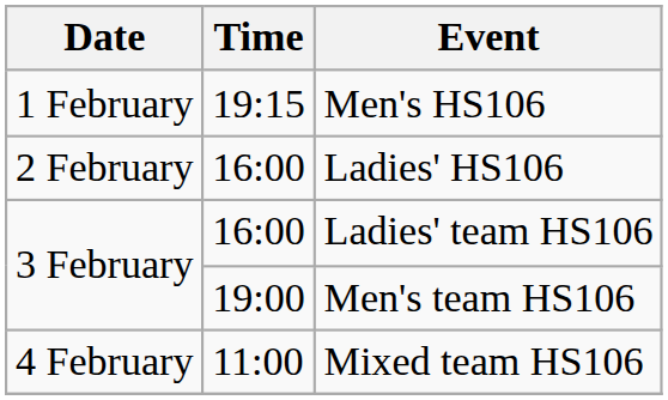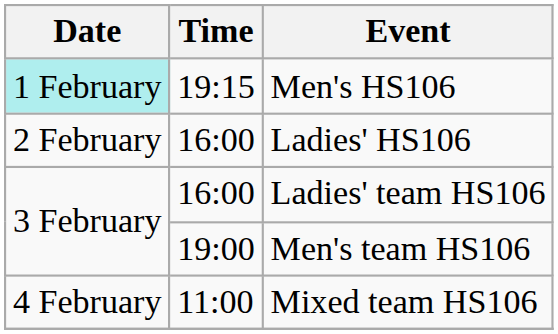 <table class="wikitable">
 <tr>
 <th>Date</th>
 <th>Time</th>
 <th>Event</th>
 </tr>
 <tr>
-<td>1 February</td>
+<td style="background: paleturquoise;">1 February</td>
 <td>19:15</td>
 <td>Men's HS106</td>
 </tr>
 <tr>
 <td>2 February</td>
 <td>16:00</td>
 <td>Ladies' HS106</td>
 </tr>
 <tr>
 <td rowspan=2>3 February</td>
 <td>16:00</td>
 <td>Ladies' team HS106</td>
 </tr>
 <tr>
 <td>19:00</td>
 <td>Men's team HS106</td>
 </tr>
 <tr>
 <td>4 February</td>
 <td>11:00</td>
 <td>Mixed team HS106</td>
 </tr>
 <tr>
 </tr>
 </table>
